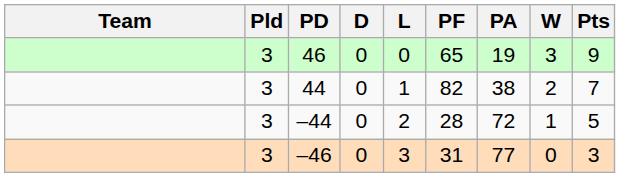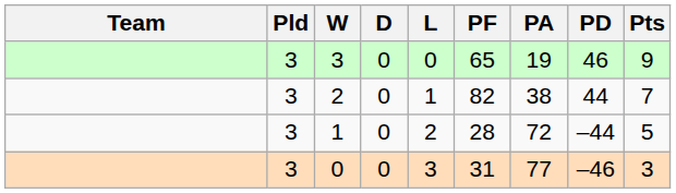 <table class="wikitable" style="text-align:center;">
 <tr>
 <th width=175>Team</th>
 <th width=25 abbr="Played">Pld</th>
-<th width=32 abbr="Points difference">PD</th>
+<th width=25 abbr="Won">W</th>
 <th width=25 abbr="Drawn">D</th>
 <th width=25 abbr="Lost">L</th>
 <th width=32 abbr="Points for">PF</th>
 <th width=32 abbr="Points against">PA</th>
-<th width=25 abbr="Won">W</th>
+<th width=32 abbr="Points difference">PD</th>
 <th width=25 abbr="Points">Pts</th>
 </tr>
 <tr bgcolor="#ccffcc">
 <td align=left></td>
 <td>3</td>
-<td>46</td>
+<td>3</td>
 <td>0</td>
 <td>0</td>
 <td>65</td>
 <td>19</td>
-<td>3</td>
+<td>46</td>
 <td>9</td>
 </tr>
 <tr>
 <td align=left></td>
 <td>3</td>
-<td>44</td>
+<td>2</td>
 <td>0</td>
 <td>1</td>
 <td>82</td>
 <td>38</td>
-<td>2</td>
+<td>44</td>
 <td>7</td>
 </tr>
 <tr>
 <td align=left></td>
 <td>3</td>
-<td>–44</td>
+<td>1</td>
 <td>0</td>
 <td>2</td>
 <td>28</td>
 <td>72</td>
-<td>1</td>
+<td>–44</td>
 <td>5</td>
 </tr>
 <tr bgcolor="#ffddbb">
 <td align=left></td>
 <td>3</td>
-<td>–46</td>
+<td>0</td>
 <td>0</td>
 <td>3</td>
 <td>31</td>
 <td>77</td>
-<td>0</td>
+<td>–46</td>
 <td>3</td>
 </tr>
 </table>
